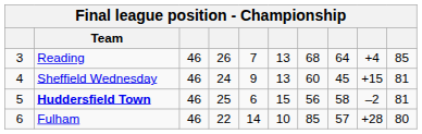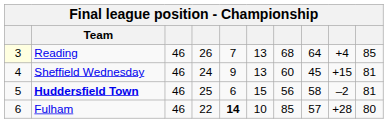 <table class="wikitable" style="text-align:center">
 <tr>
 <th colspan=10><big>Final league position - Championship</big></th>
 </tr>
 <tr>
 <th width="30"></th>
 <th width="175">Team</th>
 <th width="30"></th>
 <th width="30"></th>
 <th width="30"></th>
 <th width="30"></th>
 <th width="30"></th>
 <th width="30"></th>
 <th width="30"></th>
 <th width="30"></th>
 </tr>
 <tr>
-<td>3</td>
+<td style="background: lightyellow;">3</td>
 <td align=left><a href='#'>Reading</a></td>
 <td>46</td>
 <td>26</td>
 <td>7</td>
 <td>13</td>
 <td>68</td>
 <td>64</td>
 <td>+4</td>
 <td>85</td>
 </tr>
 <tr>
 <td>4</td>
 <td align=left><a href='#'>Sheffield Wednesday</a></td>
 <td>46</td>
 <td>24</td>
 <td>9</td>
 <td>13</td>
 <td>60</td>
 <td>45</td>
 <td>+15</td>
 <td>81</td>
 </tr>
 <tr>
 <td>5</td>
 <td align=left><strong><a href='#'>Huddersfield Town</a></strong></td>
 <td>46</td>
 <td>25</td>
 <td>6</td>
 <td>15</td>
 <td>56</td>
 <td>58</td>
 <td>–2</td>
 <td>81</td>
 </tr>
 <tr>
 <td>6</td>
 <td align=left><a href='#'>Fulham</a></td>
 <td>46</td>
 <td>22</td>
-<td>14</td>
+<td><strong>14</strong></td>
 <td>10</td>
 <td>85</td>
 <td>57</td>
 <td>+28</td>
 <td>80</td>
 </tr>
 </table>
